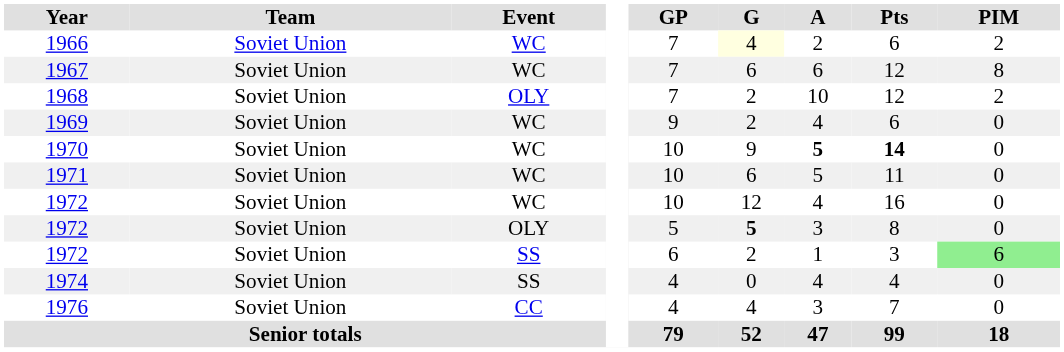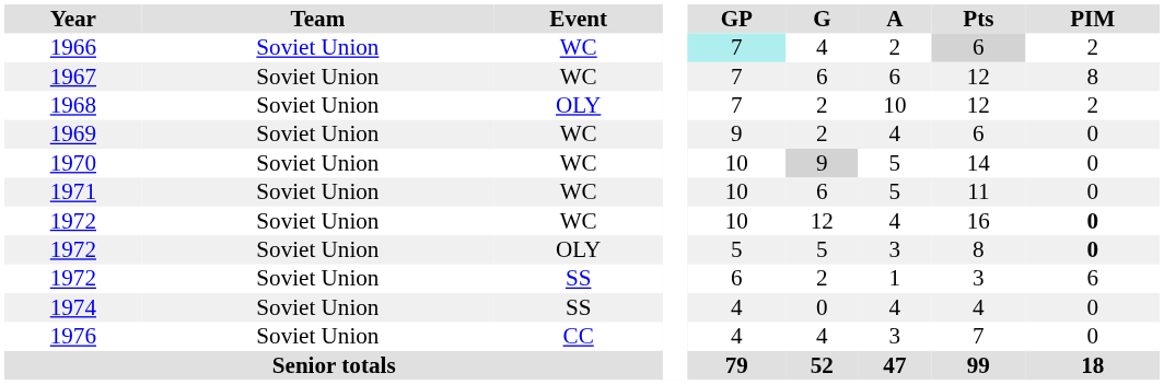 <table border="0" cellpadding="1" cellspacing="0" style="text-align:center; width:50em">
 <tr ALIGN="center" bgcolor="#e0e0e0">
 <th>Year</th>
 <th>Team</th>
 <th>Event</th>
 <th rowspan="99" bgcolor="#ffffff"> </th>
 <th>GP</th>
 <th>G</th>
 <th>A</th>
 <th>Pts</th>
 <th>PIM</th>
 </tr>
 <tr>
 <td><a href='#'>1966</a></td>
 <td><a href='#'>Soviet Union</a></td>
 <td><a href='#'>WC</a></td>
-<td>7</td>
-<td style="background: lightyellow;">4</td>
+<td style="background: paleturquoise;">7</td>
+<td>4</td>
 <td>2</td>
-<td>6</td>
+<td style="background: lightgrey;">6</td>
 <td>2</td>
 </tr>
 <tr bgcolor="#f0f0f0">
 <td><a href='#'>1967</a></td>
 <td>Soviet Union</td>
 <td>WC</td>
 <td>7</td>
 <td>6</td>
 <td>6</td>
 <td>12</td>
 <td>8</td>
 </tr>
 <tr>
 <td><a href='#'>1968</a></td>
 <td>Soviet Union</td>
 <td><a href='#'>OLY</a></td>
 <td>7</td>
 <td>2</td>
 <td>10</td>
 <td>12</td>
 <td>2</td>
 </tr>
 <tr bgcolor="#f0f0f0">
 <td><a href='#'>1969</a></td>
 <td>Soviet Union</td>
 <td>WC</td>
 <td>9</td>
 <td>2</td>
 <td>4</td>
 <td>6</td>
 <td>0</td>
 </tr>
 <tr>
 <td><a href='#'>1970</a></td>
 <td>Soviet Union</td>
 <td>WC</td>
 <td>10</td>
-<td>9</td>
-<td><strong>5</strong></td>
-<td><strong>14</strong></td>
+<td style="background: lightgrey;">9</td>
+<td>5</td>
+<td>14</td>
 <td>0</td>
 </tr>
 <tr bgcolor="#f0f0f0">
 <td><a href='#'>1971</a></td>
 <td>Soviet Union</td>
 <td>WC</td>
 <td>10</td>
 <td>6</td>
 <td>5</td>
 <td>11</td>
 <td>0</td>
 </tr>
 <tr>
 <td><a href='#'>1972</a></td>
 <td>Soviet Union</td>
 <td>WC</td>
 <td>10</td>
 <td>12</td>
 <td>4</td>
 <td>16</td>
-<td>0</td>
+<td><strong>0</strong></td>
 </tr>
 <tr bgcolor="#f0f0f0">
 <td><a href='#'>1972</a></td>
 <td>Soviet Union</td>
 <td>OLY</td>
 <td>5</td>
-<td><strong>5</strong></td>
+<td>5</td>
 <td>3</td>
 <td>8</td>
-<td>0</td>
+<td><strong>0</strong></td>
 </tr>
 <tr>
 <td><a href='#'>1972</a></td>
 <td>Soviet Union</td>
 <td><a href='#'>SS</a></td>
 <td>6</td>
 <td>2</td>
 <td>1</td>
 <td>3</td>
-<td style="background: lightgreen;">6</td>
+<td>6</td>
 </tr>
 <tr bgcolor="#f0f0f0">
 <td><a href='#'>1974</a></td>
 <td>Soviet Union</td>
 <td>SS</td>
 <td>4</td>
 <td>0</td>
 <td>4</td>
 <td>4</td>
 <td>0</td>
 </tr>
 <tr>
 <td><a href='#'>1976</a></td>
 <td>Soviet Union</td>
 <td><a href='#'>CC</a></td>
 <td>4</td>
 <td>4</td>
 <td>3</td>
 <td>7</td>
 <td>0</td>
 </tr>
 <tr bgcolor="#e0e0e0">
 <th colspan=3>Senior totals</th>
 <th>79</th>
 <th>52</th>
 <th>47</th>
 <th>99</th>
 <th>18</th>
 </tr>
 </table>
